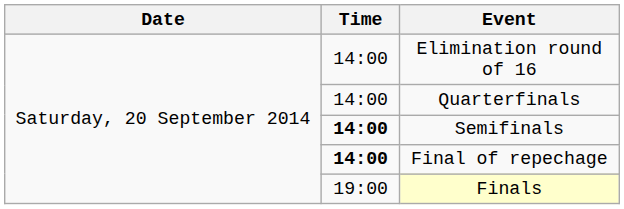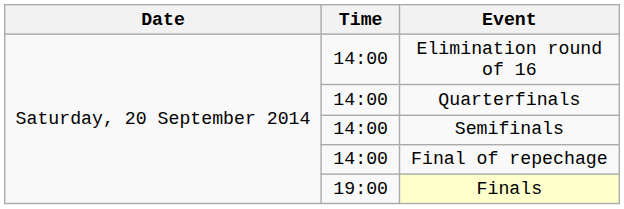 <table class = "wikitable" style="text-align:center;">
 <tr>
 <th width=220>Date</th>
 <th width=50>Time</th>
 <th width=150>Event</th>
 </tr>
 <tr>
 <td rowspan=5>Saturday, 20 September 2014</td>
 <td>14:00</td>
 <td>Elimination round of 16</td>
 </tr>
 <tr>
 <td>14:00</td>
 <td>Quarterfinals</td>
 </tr>
 <tr>
-<td><strong>14:00</strong></td>
+<td>14:00</td>
 <td>Semifinals</td>
 </tr>
 <tr>
-<td><strong>14:00</strong></td>
+<td>14:00</td>
 <td>Final of repechage</td>
 </tr>
 <tr>
 <td>19:00</td>
 <td bgcolor=ffffcc>Finals</td>
 </tr>
 </table>
